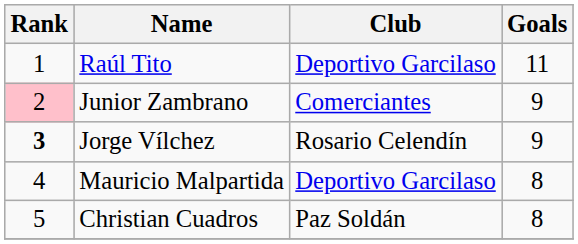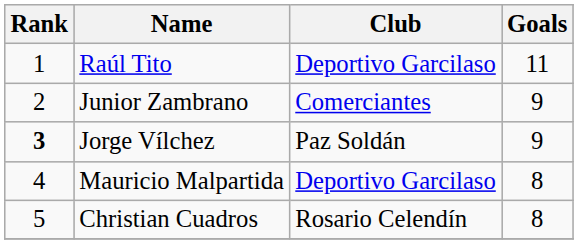 <table class="wikitable" border="1">
 <tr>
 <th>Rank</th>
 <th>Name</th>
 <th>Club</th>
 <th>Goals</th>
 </tr>
 <tr>
 <td align=center>1</td>
 <td> <a href='#'>Raúl Tito</a></td>
 <td><a href='#'>Deportivo Garcilaso</a></td>
 <td align=center>11</td>
 </tr>
 <tr>
-<td align=center style="background: pink;">2</td>
+<td align=center>2</td>
 <td> Junior Zambrano</td>
 <td><a href='#'>Comerciantes</a></td>
 <td align=center>9</td>
 </tr>
 <tr>
 <td align=center><strong>3</strong></td>
 <td> Jorge Vílchez</td>
-<td>Rosario Celendín</td>
+<td>Paz Soldán</td>
 <td align=center>9</td>
 </tr>
 <tr>
 <td align=center>4</td>
 <td> Mauricio Malpartida</td>
 <td><a href='#'>Deportivo Garcilaso</a></td>
 <td align=center>8</td>
 </tr>
 <tr>
 <td align=center>5</td>
 <td> Christian Cuadros</td>
-<td>Paz Soldán</td>
+<td>Rosario Celendín</td>
 <td align=center>8</td>
 </tr>
 <tr>
 </tr>
 </table>
